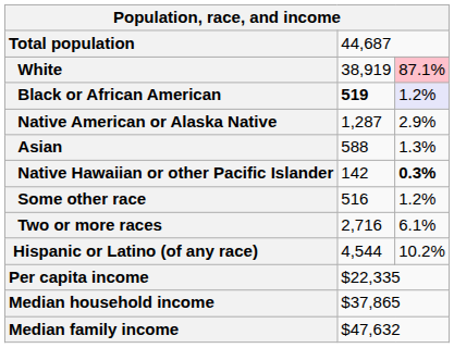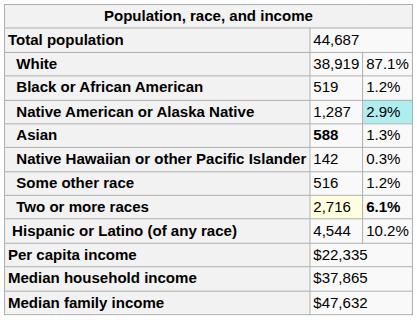 <table class="wikitable collapsible collapsed">
 <tr>
 <th colspan=6>Population, race, and income</th>
 </tr>
 <tr>
 <th scope="row" style="text-align: left;">Total population</th>
 <td colspan=2>44,687</td>
 </tr>
 <tr>
 <th scope="row" style="text-align: left;">  White</th>
 <td>38,919</td>
-<td style="background: pink;">87.1%</td>
+<td>87.1%</td>
 </tr>
 <tr>
 <th scope="row" style="text-align: left;">  Black or African American</th>
-<td><strong>519</strong></td>
-<td style="background: lavender;">1.2%</td>
+<td>519</td>
+<td>1.2%</td>
 </tr>
 <tr>
 <th scope="row" style="text-align: left;">  Native American or Alaska Native</th>
 <td>1,287</td>
-<td>2.9%</td>
+<td style="background: paleturquoise;">2.9%</td>
 </tr>
 <tr>
 <th scope="row" style="text-align: left;">  Asian</th>
-<td>588</td>
+<td><strong>588</strong></td>
 <td>1.3%</td>
 </tr>
 <tr>
 <th scope="row" style="text-align: left;">  Native Hawaiian or other Pacific Islander</th>
 <td>142</td>
-<td><strong>0.3%</strong></td>
+<td>0.3%</td>
 </tr>
 <tr>
 <th scope="row" style="text-align: left;">  Some other race</th>
 <td>516</td>
 <td>1.2%</td>
 </tr>
 <tr>
 <th scope="row" style="text-align: left;">  Two or more races</th>
-<td>2,716</td>
-<td>6.1%</td>
+<td style="background: lightyellow;">2,716</td>
+<td><strong>6.1%</strong></td>
 </tr>
 <tr>
 <th scope="row" style="text-align: left;"> Hispanic or Latino (of any race)</th>
 <td>4,544</td>
 <td>10.2%</td>
 </tr>
 <tr>
 <th scope="row" style="text-align: left;">Per capita income</th>
 <td colspan=2>$22,335</td>
 </tr>
 <tr>
 <th scope="row" style="text-align: left;">Median household income</th>
 <td colspan=2>$37,865</td>
 </tr>
 <tr>
 <th scope="row" style="text-align: left;">Median family income</th>
 <td colspan=2>$47,632</td>
 </tr>
 </table>
